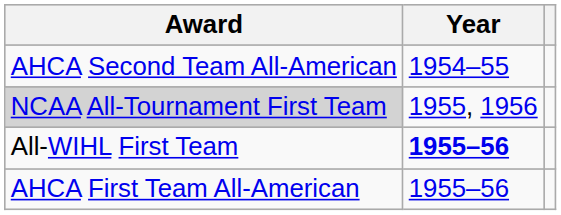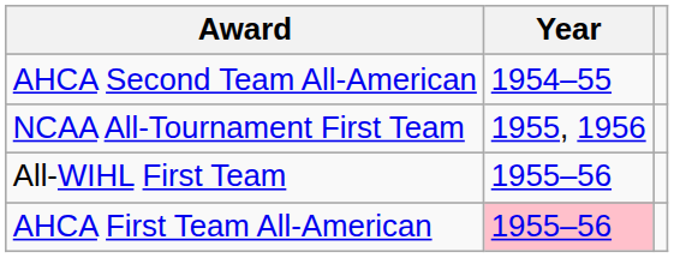 <table class="wikitable">
 <tr>
 <th>Award</th>
 <th>Year</th>
 <th></th>
 </tr>
 <tr>
 <td><a href='#'>AHCA</a> <a href='#'>Second Team All-American</a></td>
 <td><a href='#'>1954–55</a></td>
 <td></td>
 </tr>
 <tr>
-<td style="background: lightgrey;"><a href='#'>NCAA</a> <a href='#'>All-Tournament First Team</a></td>
+<td><a href='#'>NCAA</a> <a href='#'>All-Tournament First Team</a></td>
 <td><a href='#'>1955</a>, <a href='#'>1956</a></td>
 <td></td>
 </tr>
 <tr>
 <td>All-<a href='#'>WIHL</a> <a href='#'>First Team</a></td>
-<td><strong><a href='#'>1955–56</a></strong></td>
+<td><a href='#'>1955–56</a></td>
 <td></td>
 </tr>
 <tr>
 <td><a href='#'>AHCA</a> <a href='#'>First Team All-American</a></td>
-<td><a href='#'>1955–56</a></td>
+<td style="background: pink;"><a href='#'>1955–56</a></td>
 <td></td>
 </tr>
 </table>
